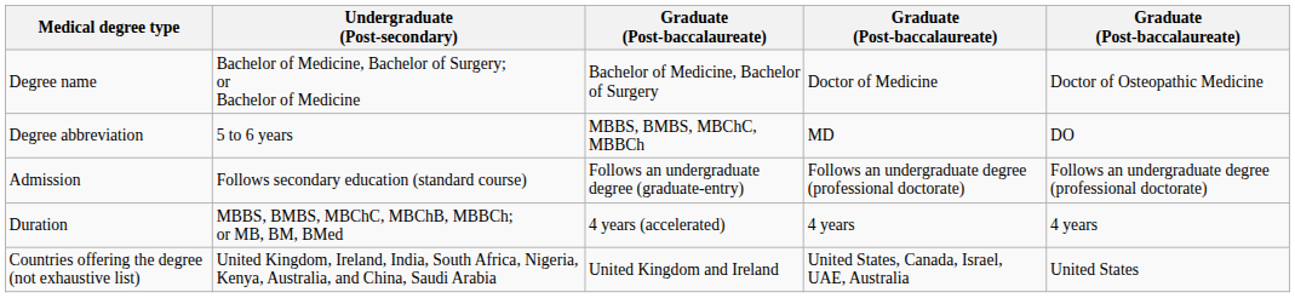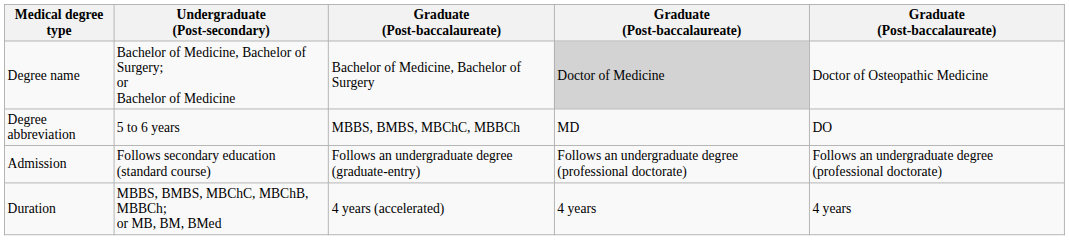 <table class="wikitable">
 <tr>
 <th>Medical degree type</th>
 <th>Undergraduate<br>(Post-secondary)</th>
 <th>Graduate<br>(Post-baccalaureate)</th>
 <th>Graduate<br>(Post-baccalaureate)</th>
 <th>Graduate<br>(Post-baccalaureate)</th>
 </tr>
 <tr>
 <td>Degree name</td>
 <td>Bachelor of Medicine, Bachelor of Surgery;<br>or<br>Bachelor of Medicine</td>
 <td>Bachelor of Medicine, Bachelor of Surgery</td>
-<td>Doctor of Medicine</td>
+<td style="background: lightgrey;">Doctor of Medicine</td>
 <td>Doctor of Osteopathic Medicine</td>
 </tr>
 <tr>
 <td>Degree abbreviation</td>
 <td>5 to 6 years</td>
 <td>MBBS, BMBS, MBChC, MBBCh</td>
 <td>MD</td>
 <td>DO</td>
 </tr>
 <tr>
 <td>Admission</td>
 <td>Follows secondary education (standard course)</td>
 <td>Follows an undergraduate degree (graduate-entry)</td>
 <td>Follows an undergraduate degree (professional doctorate)</td>
 <td>Follows an undergraduate degree (professional doctorate)</td>
 </tr>
 <tr>
 <td>Duration</td>
 <td>MBBS, BMBS, MBChC, MBChB, MBBCh;<br>or MB, BM, BMed</td>
 <td>4 years (accelerated)</td>
 <td>4 years</td>
 <td>4 years</td>
 </tr>
-<tr>
-<td>Countries offering the degree (not exhaustive list)</td>
-<td>United Kingdom, Ireland, India, South Africa, Nigeria, Kenya, Australia, and China, Saudi Arabia</td>
-<td>United Kingdom and Ireland</td>
-<td>United States, Canada, Israel, UAE, Australia</td>
-<td>United States</td>
-</tr>
 </table>
